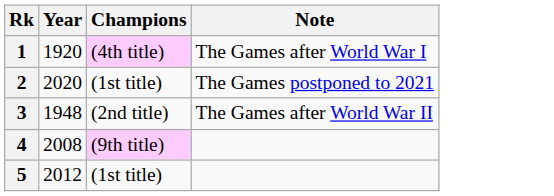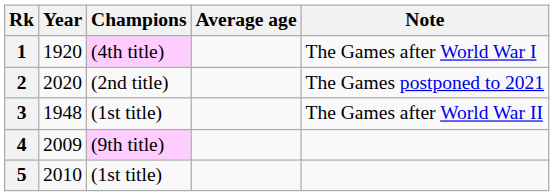 <table class="wikitable sticky-header" style="text-align: center; display: inline-table;">
 <tr>
 <th scope="col">Rk</th>
 <th scope="col">Year</th>
 <th scope="col">Champions</th>
+<th scope="col">Average age</th>
 <th scope="col">Note</th>
 </tr>
 <tr>
 <th scope="row">1</th>
 <td>1920</td>
 <td style="background-color: #ffccff; text-align: left;"> (4th title)</td>
+<td style="text-align: left;"><strong></strong></td>
 <td style="text-align: left;">The Games after <a href='#'>World War I</a></td>
 </tr>
 <tr>
 <th scope="row">2</th>
 <td>2020</td>
-<td style="text-align: left;"> (1st title)</td>
+<td style="text-align: left;"> (2nd title)</td>
+<td style="text-align: left;"><strong></strong></td>
 <td style="text-align: left;">The Games <a href='#'>postponed to 2021</a></td>
 </tr>
 <tr>
 <th scope="row">3</th>
 <td>1948</td>
-<td style="text-align: left;"> (2nd title)</td>
+<td style="text-align: left;"> (1st title)</td>
+<td style="text-align: left;"><strong></strong></td>
 <td style="text-align: left;">The Games after <a href='#'>World War II</a></td>
 </tr>
 <tr>
 <th scope="row">4</th>
-<td>2008</td>
+<td>2009</td>
 <td style="background-color: #ffccff; text-align: left;"> (9th title)</td>
+<td style="text-align: left;"><strong></strong></td>
 <td></td>
 </tr>
 <tr>
 <th scope="row">5</th>
-<td>2012</td>
+<td>2010</td>
 <td style="text-align: left;"> (1st title)</td>
+<td style="text-align: left;"><strong></strong></td>
 <td></td>
 </tr>
 </table>
